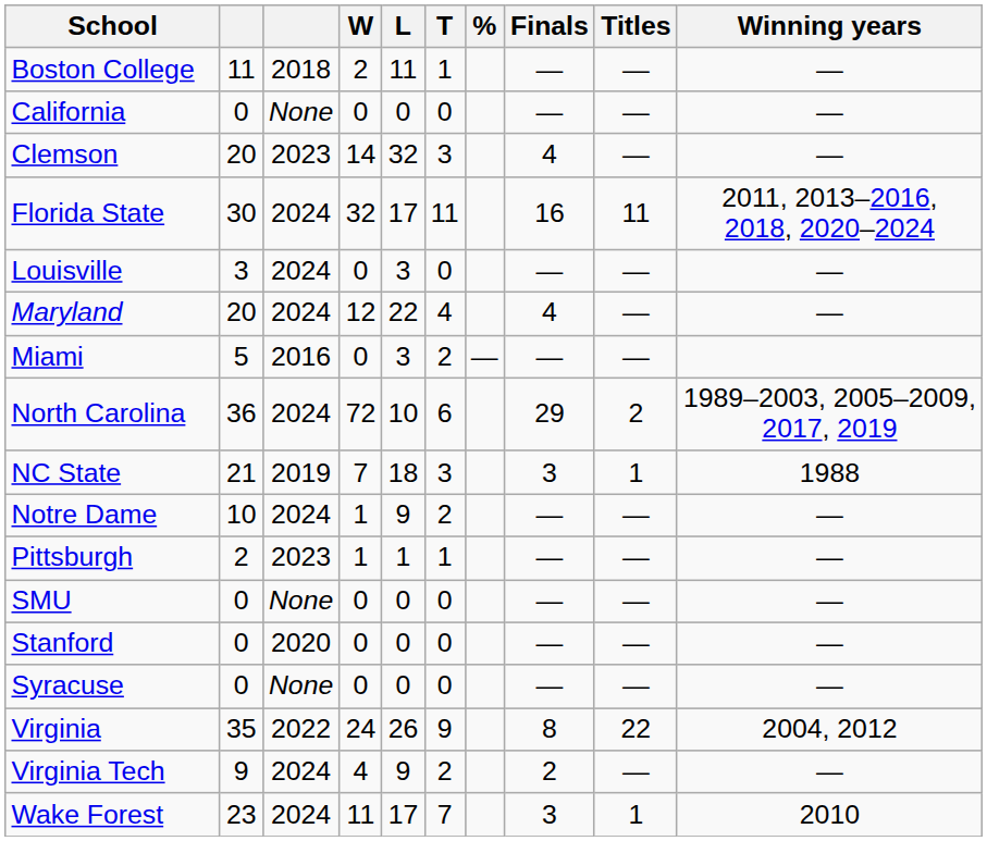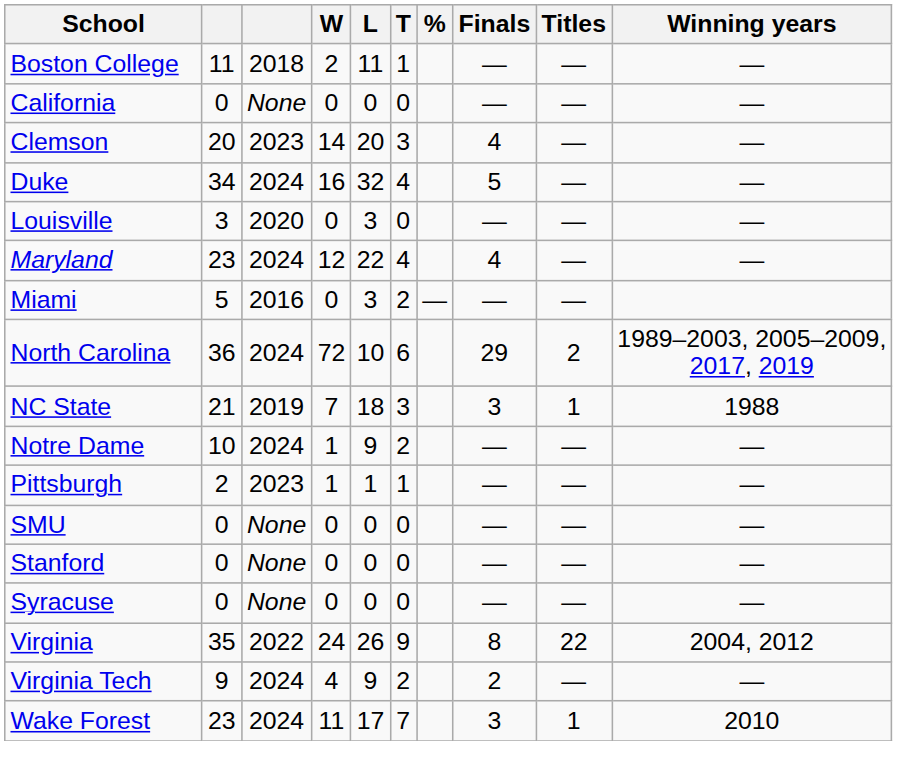 <table class="wikitable sortable"; style= "text-align:center">
 <tr>
 <th width=120px>School</th>
 <th width=px></th>
 <th width=px></th>
 <th width=px>W</th>
 <th width=px>L</th>
 <th width=px>T</th>
 <th width=px>%</th>
 <th width=px>Finals</th>
 <th width=px>Titles</th>
 <th width=px>Winning years</th>
 </tr>
 <tr>
 <td align=left><a href='#'>Boston College</a></td>
 <td>11</td>
 <td>2018</td>
 <td>2</td>
 <td>11</td>
 <td>1</td>
 <td></td>
 <td>—</td>
 <td>—</td>
 <td>—</td>
 </tr>
 <tr>
 <td align=left><a href='#'>California</a></td>
 <td>0</td>
 <td><em>None</em></td>
 <td>0</td>
 <td>0</td>
 <td>0</td>
 <td></td>
 <td>—</td>
 <td>—</td>
 <td>—</td>
 </tr>
 <tr>
 <td align=left><a href='#'>Clemson</a></td>
 <td>20</td>
 <td>2023</td>
 <td>14</td>
-<td>32</td>
+<td>20</td>
 <td>3</td>
 <td></td>
 <td>4</td>
 <td>—</td>
 <td>—</td>
 </tr>
 <tr>
-<td align=left><a href='#'>Florida State</a></td>
-<td>30</td>
+<td align=left><a href='#'>Duke</a></td>
+<td>34</td>
 <td>2024</td>
+<td>16</td>
 <td>32</td>
-<td>17</td>
-<td>11</td>
+<td>4</td>
 <td></td>
-<td>16</td>
-<td>11</td>
-<td>2011, 2013–<a href='#'>2016</a>,<br><a href='#'>2018</a>, <a href='#'>2020</a>–<a href='#'>2024</a></td>
+<td>5</td>
+<td>—</td>
+<td>—</td>
 </tr>
 <tr>
 <td align=left><a href='#'>Louisville</a></td>
 <td>3</td>
-<td>2024</td>
+<td>2020</td>
 <td>0</td>
 <td>3</td>
 <td>0</td>
 <td></td>
 <td>—</td>
 <td>—</td>
 <td>—</td>
 </tr>
 <tr>
 <td align=left><em><a href='#'>Maryland</a></em></td>
-<td>20</td>
+<td>23</td>
 <td>2024</td>
 <td>12</td>
 <td>22</td>
 <td>4</td>
 <td></td>
 <td>4</td>
 <td>—</td>
 <td>—</td>
 </tr>
 <tr>
 <td align=left><a href='#'>Miami</a></td>
 <td>5</td>
 <td>2016</td>
 <td>0</td>
 <td>3</td>
 <td>2</td>
 <td>—</td>
 <td>—</td>
 <td>—</td>
 </tr>
 <tr>
 <td align=left><a href='#'>North Carolina</a></td>
 <td>36</td>
 <td>2024</td>
 <td>72</td>
 <td>10</td>
 <td>6</td>
 <td></td>
 <td>29</td>
 <td>2</td>
 <td>1989–2003, 2005–2009,<br><a href='#'>2017</a>, <a href='#'>2019</a></td>
 </tr>
 <tr>
 <td align=left><a href='#'>NC State</a></td>
 <td>21</td>
 <td>2019</td>
 <td>7</td>
 <td>18</td>
 <td>3</td>
 <td></td>
 <td>3</td>
 <td>1</td>
 <td>1988</td>
 </tr>
 <tr>
 <td align=left><a href='#'>Notre Dame</a></td>
 <td>10</td>
 <td>2024</td>
 <td>1</td>
 <td>9</td>
 <td>2</td>
 <td></td>
 <td>—</td>
 <td>—</td>
 <td>—</td>
 </tr>
 <tr>
 <td align=left><a href='#'>Pittsburgh</a></td>
 <td>2</td>
 <td>2023</td>
 <td>1</td>
 <td>1</td>
 <td>1</td>
 <td></td>
 <td>—</td>
 <td>—</td>
 <td>—</td>
 </tr>
 <tr>
 <td align=left><a href='#'>SMU</a></td>
 <td>0</td>
 <td><em>None</em></td>
 <td>0</td>
 <td>0</td>
 <td>0</td>
 <td></td>
 <td>—</td>
 <td>—</td>
 <td>—</td>
 </tr>
 <tr>
 <td align=left><a href='#'>Stanford</a></td>
 <td>0</td>
-<td>2020</td>
+<td><em>None</em></td>
 <td>0</td>
 <td>0</td>
 <td>0</td>
 <td></td>
 <td>—</td>
 <td>—</td>
 <td>—</td>
 </tr>
 <tr>
 <td align=left><a href='#'>Syracuse</a></td>
 <td>0</td>
 <td><em>None</em></td>
 <td>0</td>
 <td>0</td>
 <td>0</td>
 <td></td>
 <td>—</td>
 <td>—</td>
 <td>—</td>
 </tr>
 <tr>
 <td align=left><a href='#'>Virginia</a></td>
 <td>35</td>
 <td>2022</td>
 <td>24</td>
 <td>26</td>
 <td>9</td>
 <td></td>
 <td>8</td>
 <td>22</td>
 <td>2004, 2012</td>
 </tr>
 <tr>
 <td align=left><a href='#'>Virginia Tech</a></td>
 <td>9</td>
 <td>2024</td>
 <td>4</td>
 <td>9</td>
 <td>2</td>
 <td></td>
 <td>2</td>
 <td>—</td>
 <td>—</td>
 </tr>
 <tr>
 <td align=left><a href='#'>Wake Forest</a></td>
 <td>23</td>
 <td>2024</td>
 <td>11</td>
 <td>17</td>
 <td>7</td>
 <td></td>
 <td>3</td>
 <td>1</td>
 <td>2010</td>
 </tr>
 </table>
